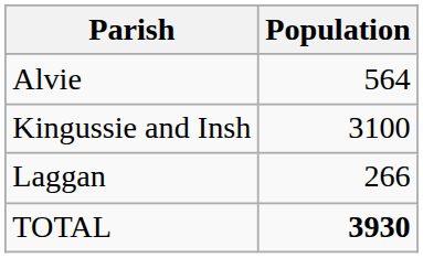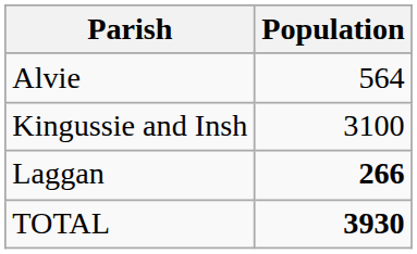 <table class="wikitable">
 <tr>
 <th>Parish</th>
 <th>Population</th>
 </tr>
 <tr>
 <td align="left">Alvie</td>
 <td align="right">564</td>
 </tr>
 <tr>
 <td align="left">Kingussie and Insh</td>
 <td align="right">3100</td>
 </tr>
 <tr>
 <td align="left">Laggan</td>
-<td align="right">266</td>
+<td align="right"><strong>266</strong></td>
 </tr>
 <tr>
 <td align="left">TOTAL</td>
 <td align="right"><strong>3930</strong></td>
 </tr>
 </table>
